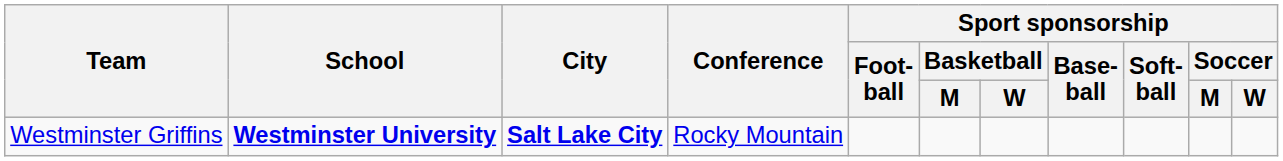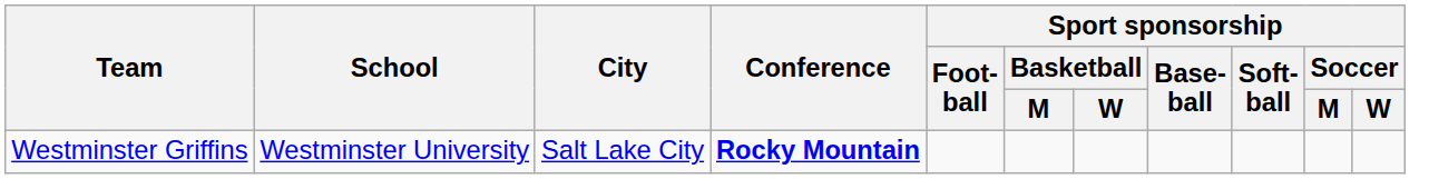 <table class="sortable wikitable">
 <tr>
 <th rowspan=3>Team</th>
 <th rowspan=3>School</th>
 <th rowspan=3>City</th>
 <th rowspan=3>Conference</th>
 <th colspan=7>Sport sponsorship</th>
 </tr>
 <tr>
 <th rowspan=2>Foot-<br>ball</th>
 <th colspan=2>Basketball</th>
 <th rowspan=2>Base-<br>ball</th>
 <th rowspan=2>Soft-<br>ball</th>
 <th colspan=2>Soccer</th>
 </tr>
 <tr>
 <th>M</th>
 <th>W</th>
 <th>M</th>
 <th>W</th>
 </tr>
 <tr>
 <td><a href='#'>Westminster Griffins</a></td>
-<td><strong><a href='#'>Westminster University</a></strong></td>
-<td><strong><a href='#'>Salt Lake City</a></strong></td>
-<td><a href='#'>Rocky Mountain</a></td>
+<td><a href='#'>Westminster University</a></td>
+<td><a href='#'>Salt Lake City</a></td>
+<td><strong><a href='#'>Rocky Mountain</a></strong></td>
 <td></td>
 <td></td>
 <td></td>
 <td></td>
 <td></td>
 <td></td>
 <td></td>
 </tr>
 </table>
